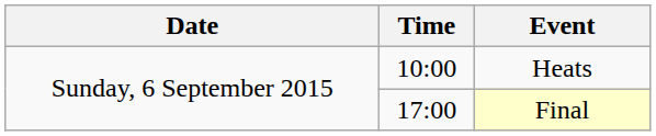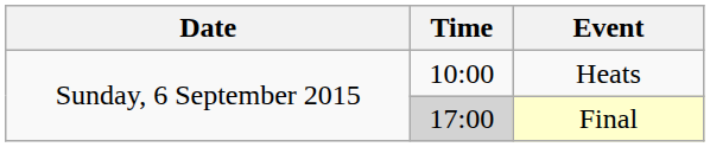 <table class = "wikitable" style="text-align:center;">
 <tr>
 <th width=220>Date</th>
 <th width=50>Time</th>
 <th width=100>Event</th>
 </tr>
 <tr>
 <td rowspan=2>Sunday, 6 September 2015</td>
 <td>10:00</td>
 <td>Heats</td>
 </tr>
 <tr>
-<td>17:00</td>
+<td style="background: lightgrey;">17:00</td>
 <td bgcolor=ffffcc>Final</td>
 </tr>
 </table>
